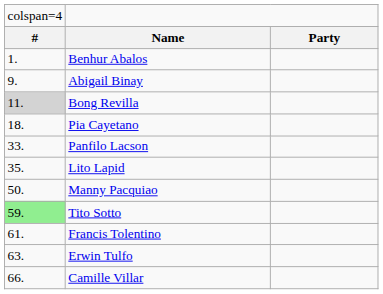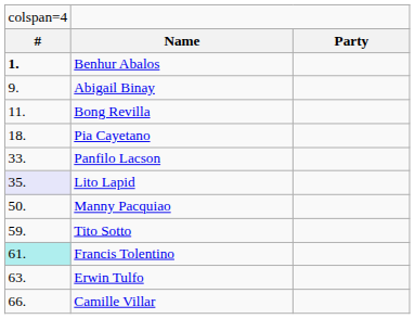 <table class=wikitable style="font-size:90%">
 <tr>
 <td>colspan=4 </td>
 </tr>
 <tr>
 <th>#</th>
 <th width=55%>Name</th>
 <th colspan=2 width=110px>Party</th>
 </tr>
 <tr>
-<td>1.</td>
+<td><strong>1.</strong></td>
 <td><a href='#'>Benhur Abalos</a></td>
 <td></td>
 </tr>
 <tr>
 <td>9.</td>
 <td><a href='#'>Abigail Binay</a></td>
 <td></td>
 </tr>
 <tr>
-<td style="background: lightgrey;">11.</td>
+<td>11.</td>
 <td><a href='#'>Bong Revilla</a></td>
 <td></td>
 </tr>
 <tr>
 <td>18.</td>
 <td><a href='#'>Pia Cayetano</a></td>
 <td></td>
 </tr>
 <tr>
 <td>33.</td>
 <td><a href='#'>Panfilo Lacson</a></td>
 <td></td>
 </tr>
 <tr>
-<td>35.</td>
+<td style="background: lavender;">35.</td>
 <td><a href='#'>Lito Lapid</a></td>
 <td></td>
 </tr>
 <tr>
 <td>50.</td>
 <td><a href='#'>Manny Pacquiao</a></td>
 <td></td>
 </tr>
 <tr>
-<td style="background: lightgreen;">59.</td>
+<td>59.</td>
 <td><a href='#'>Tito Sotto</a></td>
 <td></td>
 </tr>
 <tr>
-<td>61.</td>
+<td style="background: paleturquoise;">61.</td>
 <td><a href='#'>Francis Tolentino</a></td>
 <td></td>
 </tr>
 <tr>
 <td>63.</td>
 <td><a href='#'>Erwin Tulfo</a></td>
 <td></td>
 </tr>
 <tr>
 <td>66.</td>
 <td><a href='#'>Camille Villar</a></td>
 <td></td>
 </tr>
 </table>
